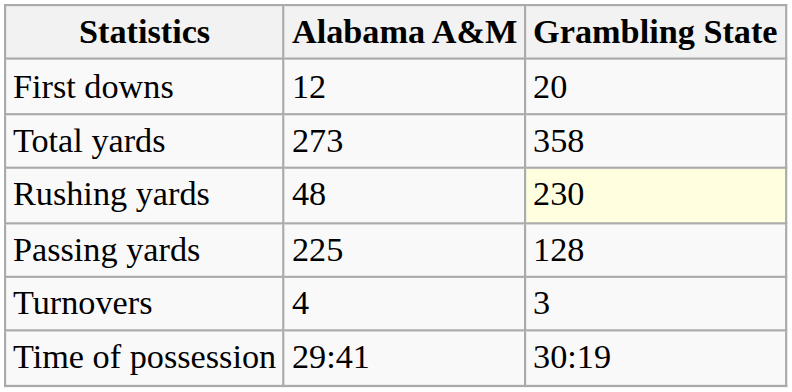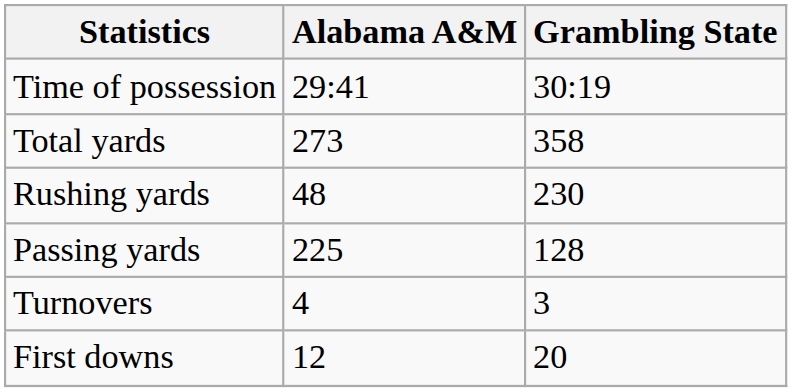 <table class="wikitable">
 <tr>
 <th>Statistics</th>
 <th>Alabama A&M</th>
 <th>Grambling State</th>
 </tr>
 <tr>
-<td>First downs</td>
-<td>12</td>
-<td>20</td>
+<td>Time of possession</td>
+<td>29:41</td>
+<td>30:19</td>
 </tr>
 <tr>
 <td>Total yards</td>
 <td>273</td>
 <td>358</td>
 </tr>
 <tr>
 <td>Rushing yards</td>
 <td>48</td>
-<td style="background: lightyellow;">230</td>
+<td>230</td>
 </tr>
 <tr>
 <td>Passing yards</td>
 <td>225</td>
 <td>128</td>
 </tr>
 <tr>
 <td>Turnovers</td>
 <td>4</td>
 <td>3</td>
 </tr>
 <tr>
-<td>Time of possession</td>
-<td>29:41</td>
-<td>30:19</td>
+<td>First downs</td>
+<td>12</td>
+<td>20</td>
 </tr>
 <tr>
 </tr>
 </table>
